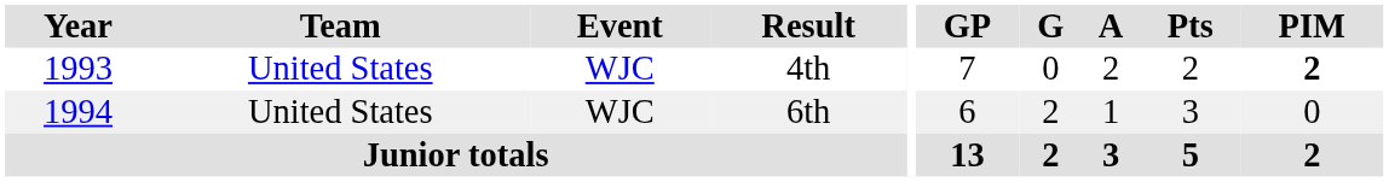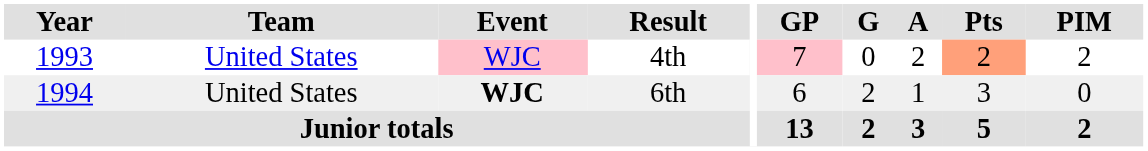 <table border="0" cellpadding="1" cellspacing="0" ID="Table3" style="text-align:center; width:40em">
 <tr style="text-align:center; background:#e0e0e0;">
 <th>Year</th>
 <th>Team</th>
 <th>Event</th>
 <th>Result</th>
 <th rowspan="99" style="background:#fff;"></th>
 <th>GP</th>
 <th>G</th>
 <th>A</th>
 <th>Pts</th>
 <th>PIM</th>
 </tr>
 <tr>
 <td><a href='#'>1993</a></td>
 <td><a href='#'>United States</a></td>
-<td><a href='#'>WJC</a></td>
+<td style="background: pink;"><a href='#'>WJC</a></td>
 <td>4th</td>
-<td>7</td>
+<td style="background: pink;">7</td>
 <td>0</td>
 <td>2</td>
+<td style="background: lightsalmon;">2</td>
 <td>2</td>
-<td><strong>2</strong></td>
 </tr>
 <tr bgcolor="#f0f0f0">
 <td><a href='#'>1994</a></td>
 <td>United States</td>
-<td>WJC</td>
+<td><strong>WJC</strong></td>
 <td>6th</td>
 <td>6</td>
 <td>2</td>
 <td>1</td>
 <td>3</td>
 <td>0</td>
 </tr>
 <tr bgcolor="#e0e0e0">
 <th colspan="4">Junior totals</th>
 <th>13</th>
 <th>2</th>
 <th>3</th>
 <th>5</th>
 <th>2</th>
 </tr>
 </table>
